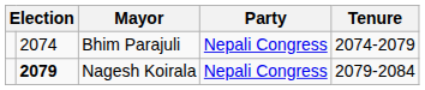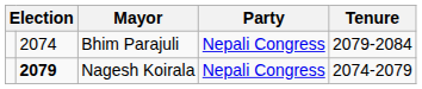 <table class="wikitable">
 <tr>
 <th colspan="2">Election</th>
 <th>Mayor</th>
 <th>Party</th>
 <th>Tenure</th>
 </tr>
 <tr>
 <td style="background-color:"></td>
 <td>2074</td>
 <td>Bhim Parajuli</td>
 <td><a href='#'>Nepali Congress</a></td>
-<td>2074-2079</td>
+<td>2079-2084</td>
 </tr>
 <tr>
 <td style="background-color:"></td>
 <td><strong>2079</strong></td>
 <td>Nagesh Koirala</td>
 <td><a href='#'>Nepali Congress</a></td>
-<td>2079-2084</td>
+<td>2074-2079</td>
 </tr>
 </table>
